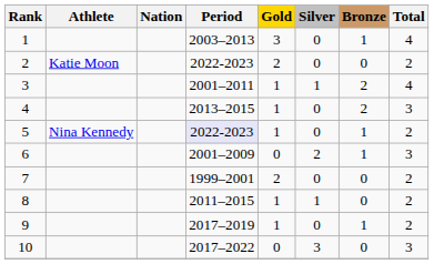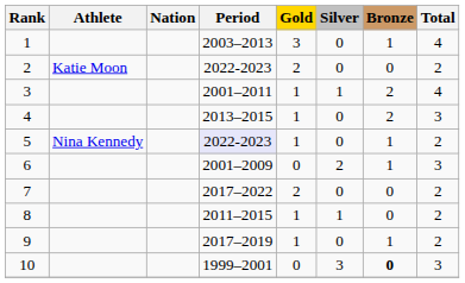 <table class="wikitable sortable" style="text-align:center">
 <tr>
 <th class="unsortable">Rank</th>
 <th>Athlete</th>
 <th>Nation</th>
 <th>Period</th>
 <th style="background-color:gold">Gold</th>
 <th style="background-color:silver">Silver</th>
 <th style="background-color:#cc9966">Bronze</th>
 <th>Total</th>
 </tr>
 <tr>
 <td>1</td>
 <td align=left></td>
 <td align=left></td>
 <td>2003–2013</td>
 <td>3</td>
 <td>0</td>
 <td>1</td>
 <td>4</td>
 </tr>
 <tr>
 <td>2</td>
 <td align="left"><a href='#'>Katie Moon</a></td>
 <td align="left"></td>
 <td>2022-2023</td>
 <td>2</td>
 <td>0</td>
 <td>0</td>
 <td>2</td>
 </tr>
 <tr>
 <td>3</td>
 <td align="left"></td>
 <td align="left"></td>
 <td>2001–2011</td>
 <td>1</td>
 <td>1</td>
 <td>2</td>
 <td>4</td>
 </tr>
 <tr>
 <td>4</td>
 <td align="left"></td>
 <td align="left"></td>
 <td>2013–2015</td>
 <td>1</td>
 <td>0</td>
 <td>2</td>
 <td>3</td>
 </tr>
 <tr>
 <td>5</td>
 <td align="left"><a href='#'>Nina Kennedy</a></td>
 <td align="left"></td>
 <td style="background: lavender;">2022-2023</td>
 <td>1</td>
 <td>0</td>
 <td>1</td>
 <td>2</td>
 </tr>
 <tr>
 <td>6</td>
 <td align="left"></td>
 <td align="left"></td>
 <td>2001–2009</td>
 <td>0</td>
 <td>2</td>
 <td>1</td>
 <td>3</td>
 </tr>
 <tr>
 <td>7</td>
 <td align="left"></td>
 <td align="left"></td>
-<td>1999–2001</td>
+<td>2017–2022</td>
 <td>2</td>
 <td>0</td>
 <td>0</td>
 <td>2</td>
 </tr>
 <tr>
 <td>8</td>
 <td align="left"></td>
 <td align="left"></td>
 <td>2011–2015</td>
 <td>1</td>
 <td>1</td>
 <td>0</td>
 <td>2</td>
 </tr>
 <tr>
 <td>9</td>
 <td align="left"></td>
 <td align="left"></td>
 <td>2017–2019</td>
 <td>1</td>
 <td>0</td>
 <td>1</td>
 <td>2</td>
 </tr>
 <tr>
 <td>10</td>
 <td align="left"></td>
 <td align="left"></td>
-<td>2017–2022</td>
+<td>1999–2001</td>
 <td>0</td>
 <td>3</td>
-<td>0</td>
+<td><strong>0</strong></td>
 <td>3</td>
 </tr>
 <tr>
 </tr>
 </table>
